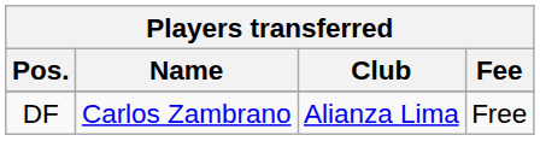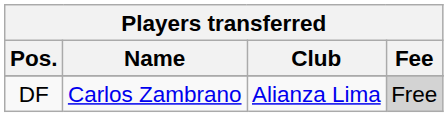 <table class="wikitable" style="font-size:95%;">
 <tr>
 <th colspan="5">Players transferred</th>
 </tr>
 <tr>
 <th>Pos.</th>
 <th>Name</th>
 <th>Club</th>
 <th>Fee</th>
 </tr>
 <tr>
 </tr>
 <tr>
 <td align="center">DF</td>
 <td> <a href='#'>Carlos Zambrano</a></td>
 <td> <a href='#'>Alianza Lima</a></td>
-<td>Free</td>
+<td style="background: lightgrey;">Free</td>
 </tr>
 </table>
